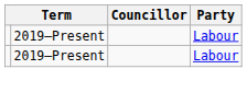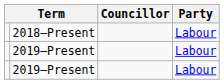 <table class="wikitable">
 <tr>
 <th colspan=2>Term</th>
 <th>Councillor</th>
 <th>Party</th>
+</tr>
+<tr>
+<td style="background-color: "></td>
+<td>2018–Present</td>
+<td></td>
+<td><a href='#'>Labour</a></td>
 </tr>
 <tr>
 <td style="background-color: "></td>
 <td>2019–Present</td>
 <td></td>
 <td><a href='#'>Labour</a></td>
 </tr>
 <tr>
 <td style="background-color: "></td>
 <td>2019–Present</td>
 <td></td>
 <td><a href='#'>Labour</a></td>
 </tr>
 </table>
